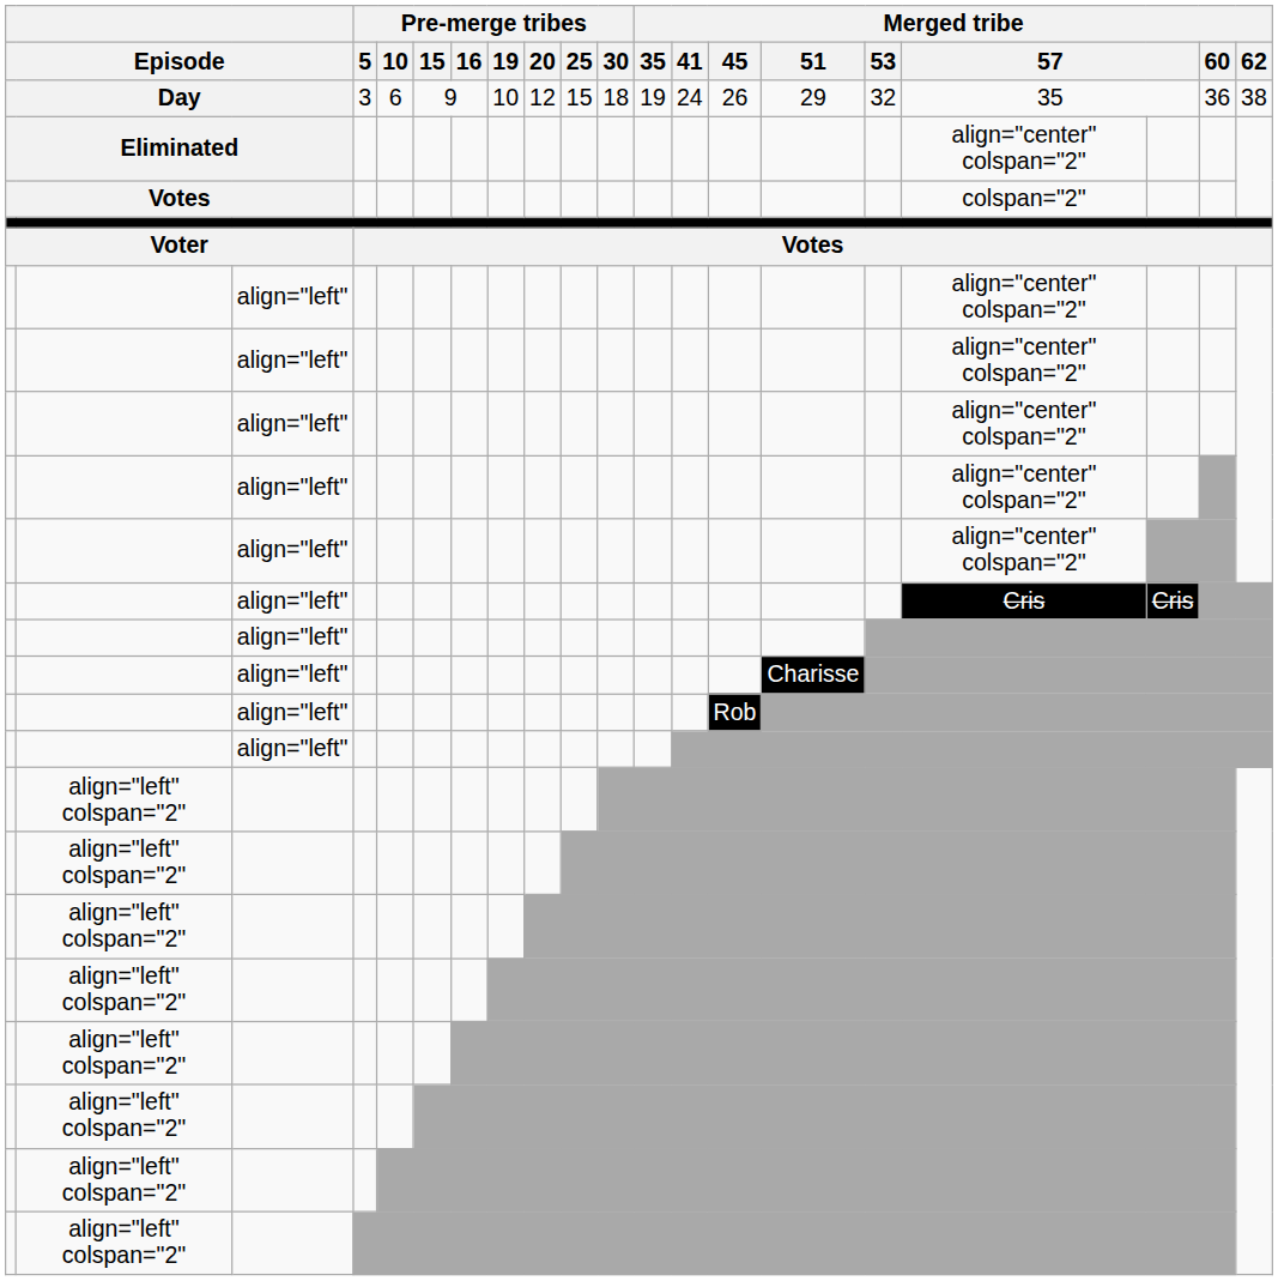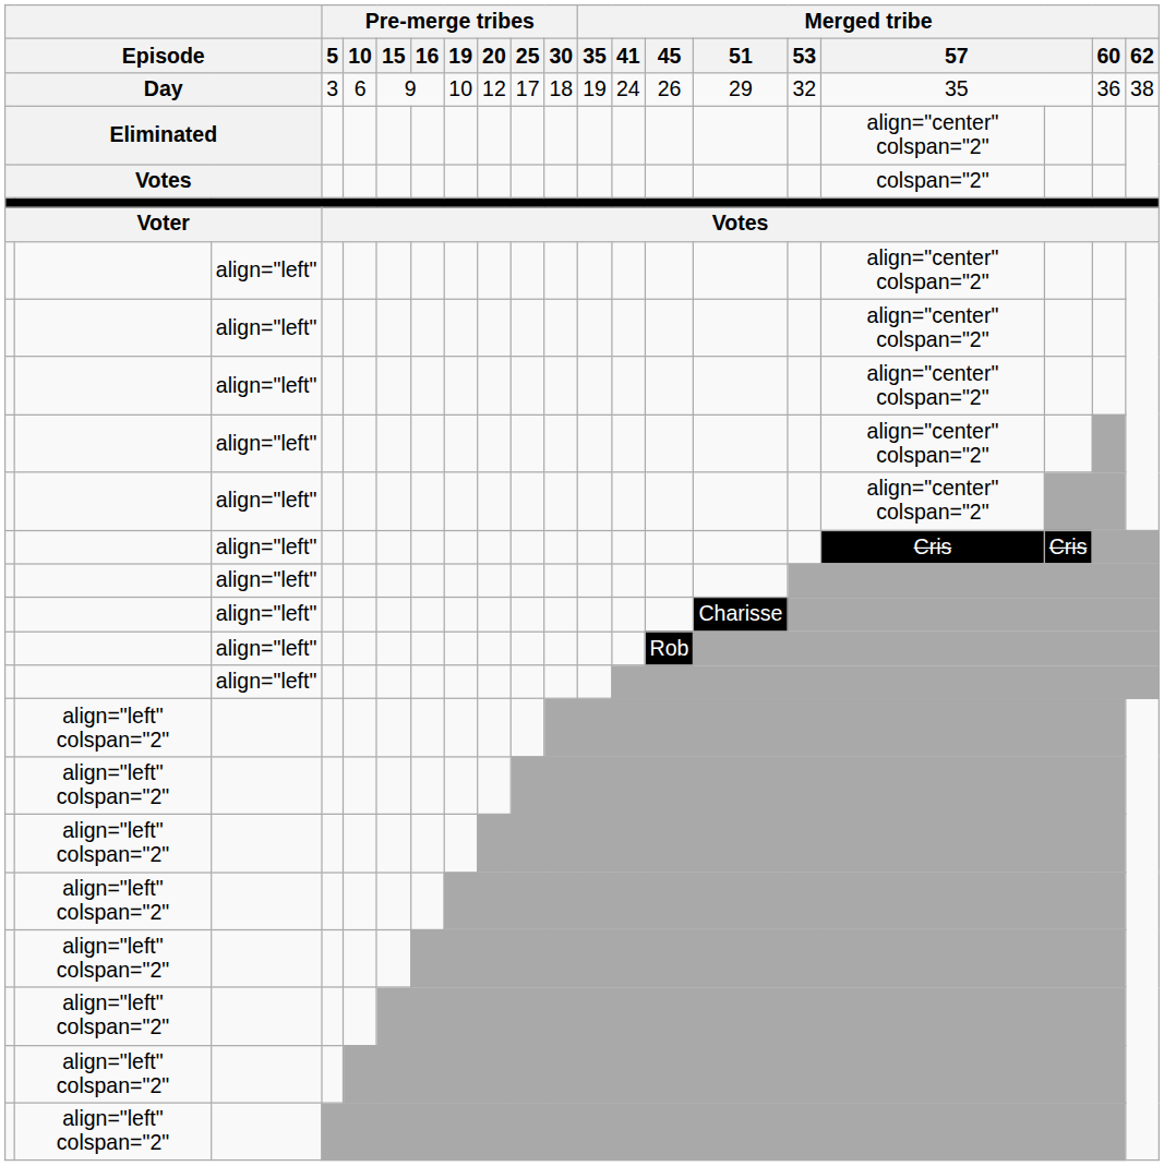 <table class="wikitable nowrap" style="text-align:center;">
 <tr>
 <th colspan="3"></th>
 <th colspan=8>Pre-merge tribes</th>
 <th colspan=9>Merged tribe</th>
 </tr>
 <tr>
 <th colspan="3">Episode</th>
 <th>5</th>
 <th>10</th>
 <th>15</th>
 <th>16</th>
 <th>19</th>
 <th>20</th>
 <th>25</th>
 <th>30</th>
 <th>35</th>
 <th>41</th>
 <th>45</th>
 <th>51</th>
 <th>53</th>
 <th colspan="2">57</th>
 <th>60</th>
 <th>62</th>
 </tr>
 <tr>
 <th colspan="3">Day</th>
 <td>3</td>
 <td>6</td>
 <td colspan="2">9</td>
 <td>10</td>
 <td>12</td>
-<td>15</td>
+<td>17</td>
 <td>18</td>
 <td>19</td>
 <td>24</td>
 <td>26</td>
 <td>29</td>
 <td>32</td>
 <td colspan="2">35</td>
 <td>36</td>
 <td>38</td>
 </tr>
 <tr>
 <th colspan="3">Eliminated</th>
 <td></td>
 <td></td>
 <td></td>
 <td></td>
 <td></td>
 <td></td>
 <td></td>
 <td></td>
 <td></td>
 <td></td>
 <td></td>
 <td></td>
 <td></td>
 <td>align="center" colspan="2" </td>
 <td></td>
 <td></td>
 </tr>
 <tr>
 <th colspan="3">Votes</th>
 <td></td>
 <td></td>
 <td></td>
 <td></td>
 <td></td>
 <td></td>
 <td></td>
 <td></td>
 <td></td>
 <td></td>
 <td></td>
 <td></td>
 <td></td>
 <td>colspan="2" </td>
 <td></td>
 <td></td>
 </tr>
 <tr>
 <td colspan="20" bgcolor="black"></td>
 </tr>
 <tr>
 <th colspan="3">Voter</th>
 <th align="center" colspan=17>Votes</th>
 </tr>
 <tr>
 <td></td>
 <td></td>
 <td>align="left" </td>
 <td></td>
 <td></td>
 <td></td>
 <td></td>
 <td></td>
 <td></td>
 <td></td>
 <td></td>
 <td></td>
 <td></td>
 <td></td>
 <td></td>
 <td></td>
 <td>align="center" colspan="2" </td>
 <td></td>
 <td></td>
 </tr>
 <tr>
 <td></td>
 <td></td>
 <td>align="left" </td>
 <td></td>
 <td></td>
 <td></td>
 <td></td>
 <td></td>
 <td></td>
 <td></td>
 <td></td>
 <td></td>
 <td></td>
 <td></td>
 <td></td>
 <td></td>
 <td>align="center"  colspan="2" </td>
 <td></td>
 <td></td>
 </tr>
 <tr>
 <td></td>
 <td></td>
 <td>align="left" </td>
 <td></td>
 <td></td>
 <td></td>
 <td></td>
 <td></td>
 <td></td>
 <td></td>
 <td></td>
 <td></td>
 <td></td>
 <td></td>
 <td></td>
 <td></td>
 <td>align="center"  colspan="2" </td>
 <td></td>
 <td></td>
 </tr>
 <tr>
 <td></td>
 <td></td>
 <td>align="left" </td>
 <td></td>
 <td></td>
 <td></td>
 <td></td>
 <td></td>
 <td></td>
 <td></td>
 <td></td>
 <td></td>
 <td></td>
 <td></td>
 <td></td>
 <td></td>
 <td>align="center"  colspan="2" </td>
 <td></td>
 <td colspan="1" bgcolor="darkgray"></td>
 </tr>
 <tr>
 <td></td>
 <td></td>
 <td>align="left" </td>
 <td></td>
 <td></td>
 <td></td>
 <td></td>
 <td></td>
 <td></td>
 <td></td>
 <td></td>
 <td></td>
 <td></td>
 <td></td>
 <td></td>
 <td></td>
 <td>align="center"  colspan="2" </td>
 <td colspan="2" bgcolor="darkgray"></td>
 </tr>
 <tr>
 <td></td>
 <td></td>
 <td>align="left" </td>
 <td></td>
 <td></td>
 <td></td>
 <td></td>
 <td></td>
 <td></td>
 <td></td>
 <td></td>
 <td></td>
 <td></td>
 <td></td>
 <td></td>
 <td></td>
 <td style="background:black; color:white; text-align:center"><s>Cris</s></td>
 <td style="background:black; color:white; text-align:center"><s>Cris</s></td>
 <td colspan="2" bgcolor="darkgray"></td>
 </tr>
 <tr>
 <td></td>
 <td></td>
 <td>align="left" </td>
 <td></td>
 <td></td>
 <td></td>
 <td></td>
 <td></td>
 <td></td>
 <td></td>
 <td></td>
 <td></td>
 <td></td>
 <td></td>
 <td></td>
 <td colspan="5" bgcolor="darkgray"></td>
 </tr>
 <tr>
 <td></td>
 <td></td>
 <td>align="left" </td>
 <td></td>
 <td></td>
 <td></td>
 <td></td>
 <td></td>
 <td></td>
 <td></td>
 <td></td>
 <td></td>
 <td></td>
 <td></td>
 <td style="background:black; color:white; text-align:center">Charisse</td>
 <td colspan="5" bgcolor="darkgray"></td>
 </tr>
 <tr>
 <td></td>
 <td></td>
 <td>align="left" </td>
 <td></td>
 <td></td>
 <td></td>
 <td></td>
 <td></td>
 <td></td>
 <td></td>
 <td></td>
 <td></td>
 <td></td>
 <td style="background:black; color:white; text-align:center">Rob</td>
 <td colspan="6" bgcolor="darkgray"></td>
 </tr>
 <tr>
 <td></td>
 <td></td>
 <td>align="left" </td>
 <td></td>
 <td></td>
 <td></td>
 <td></td>
 <td></td>
 <td></td>
 <td></td>
 <td></td>
 <td></td>
 <td colspan="8" bgcolor="darkgray"></td>
 </tr>
 <tr>
 <td></td>
 <td>align="left" colspan="2" </td>
 <td></td>
 <td></td>
 <td></td>
 <td></td>
 <td></td>
 <td></td>
 <td></td>
 <td></td>
 <td colspan="9" bgcolor="darkgray"></td>
 </tr>
 <tr>
 <td></td>
 <td>align="left" colspan="2" </td>
 <td></td>
 <td></td>
 <td></td>
 <td></td>
 <td></td>
 <td></td>
 <td></td>
 <td colspan="10" bgcolor="darkgray"></td>
 </tr>
 <tr>
 <td></td>
 <td>align="left" colspan="2" </td>
 <td></td>
 <td></td>
 <td></td>
 <td></td>
 <td></td>
 <td></td>
 <td colspan="11" bgcolor="darkgray"></td>
 </tr>
 <tr>
 <td></td>
 <td>align="left" colspan="2" </td>
 <td></td>
 <td></td>
 <td></td>
 <td></td>
 <td></td>
 <td colspan="12" bgcolor="darkgray"></td>
 </tr>
 <tr>
 <td></td>
 <td>align="left" colspan="2" </td>
 <td></td>
 <td></td>
 <td></td>
 <td></td>
 <td colspan="13" bgcolor="darkgray"></td>
 </tr>
 <tr>
 <td></td>
 <td>align="left" colspan="2" </td>
 <td></td>
 <td></td>
 <td></td>
 <td colspan="14" bgcolor="darkgray"></td>
 </tr>
 <tr>
 <td></td>
 <td>align="left" colspan="2" </td>
 <td></td>
 <td></td>
 <td colspan="15" bgcolor="darkgray"></td>
 </tr>
 <tr>
 <td></td>
 <td>align="left" colspan="2" </td>
 <td></td>
 <td colspan="16" bgcolor="darkgray"></td>
 </tr>
 </table>
